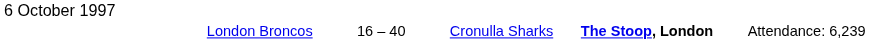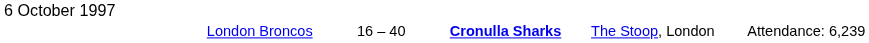 <table style="width:70%;" cellspacing="1">
 <tr>
 <th width=35%></th>
 <th width=15%></th>
 <th></th>
 </tr>
 <tr>
 <td>6 October 1997</td>
 </tr>
 <tr style=font-size:90%>
 <td align=right><a href='#'>London Broncos</a></td>
 <td align=center>16 – 40</td>
-<td><a href='#'>Cronulla Sharks</a></td>
-<td><strong><a href='#'>The Stoop</a>, London</strong></td>
+<td><strong><a href='#'>Cronulla Sharks</a></strong></td>
+<td><a href='#'>The Stoop</a>, London</td>
 <td>Attendance: 6,239</td>
 </tr>
 </table>
